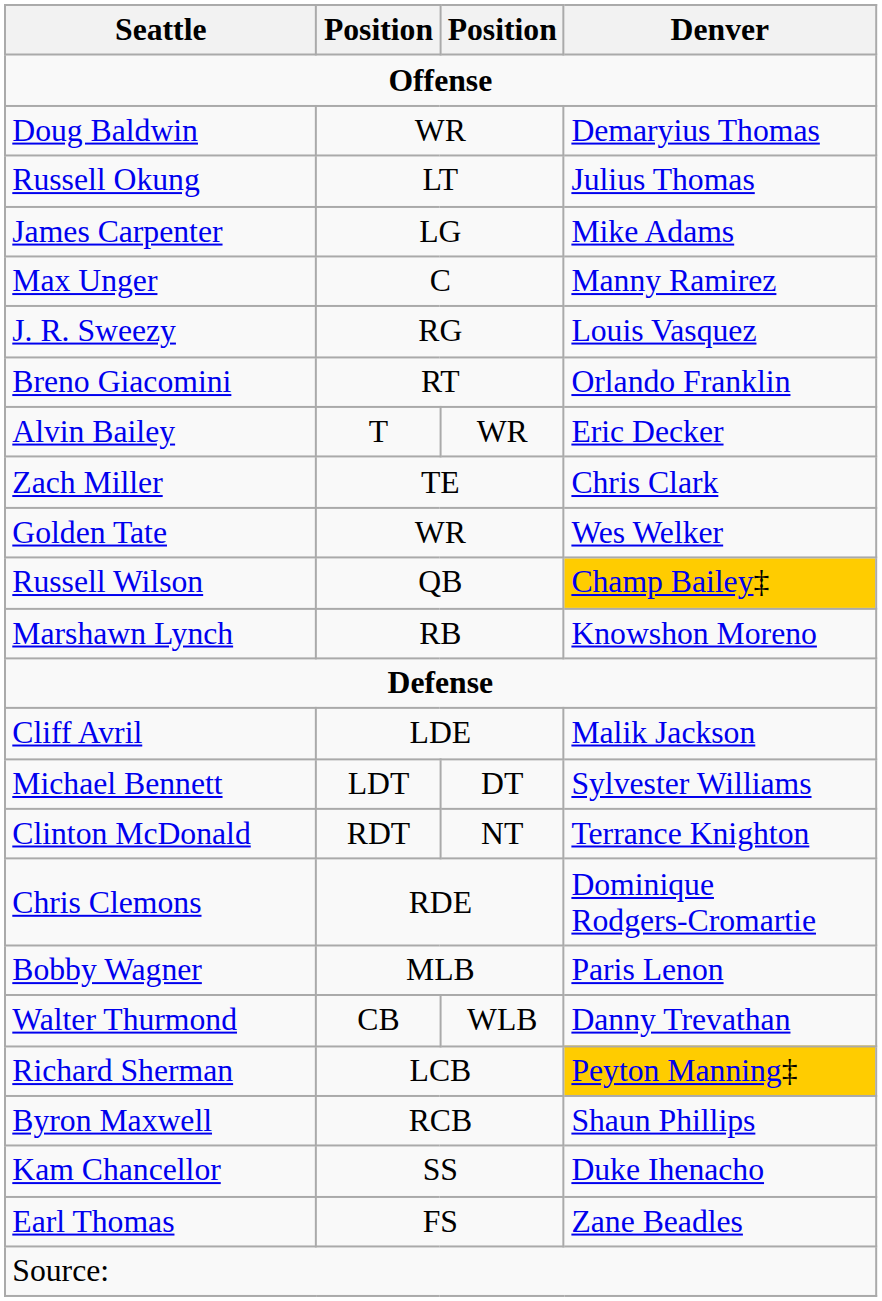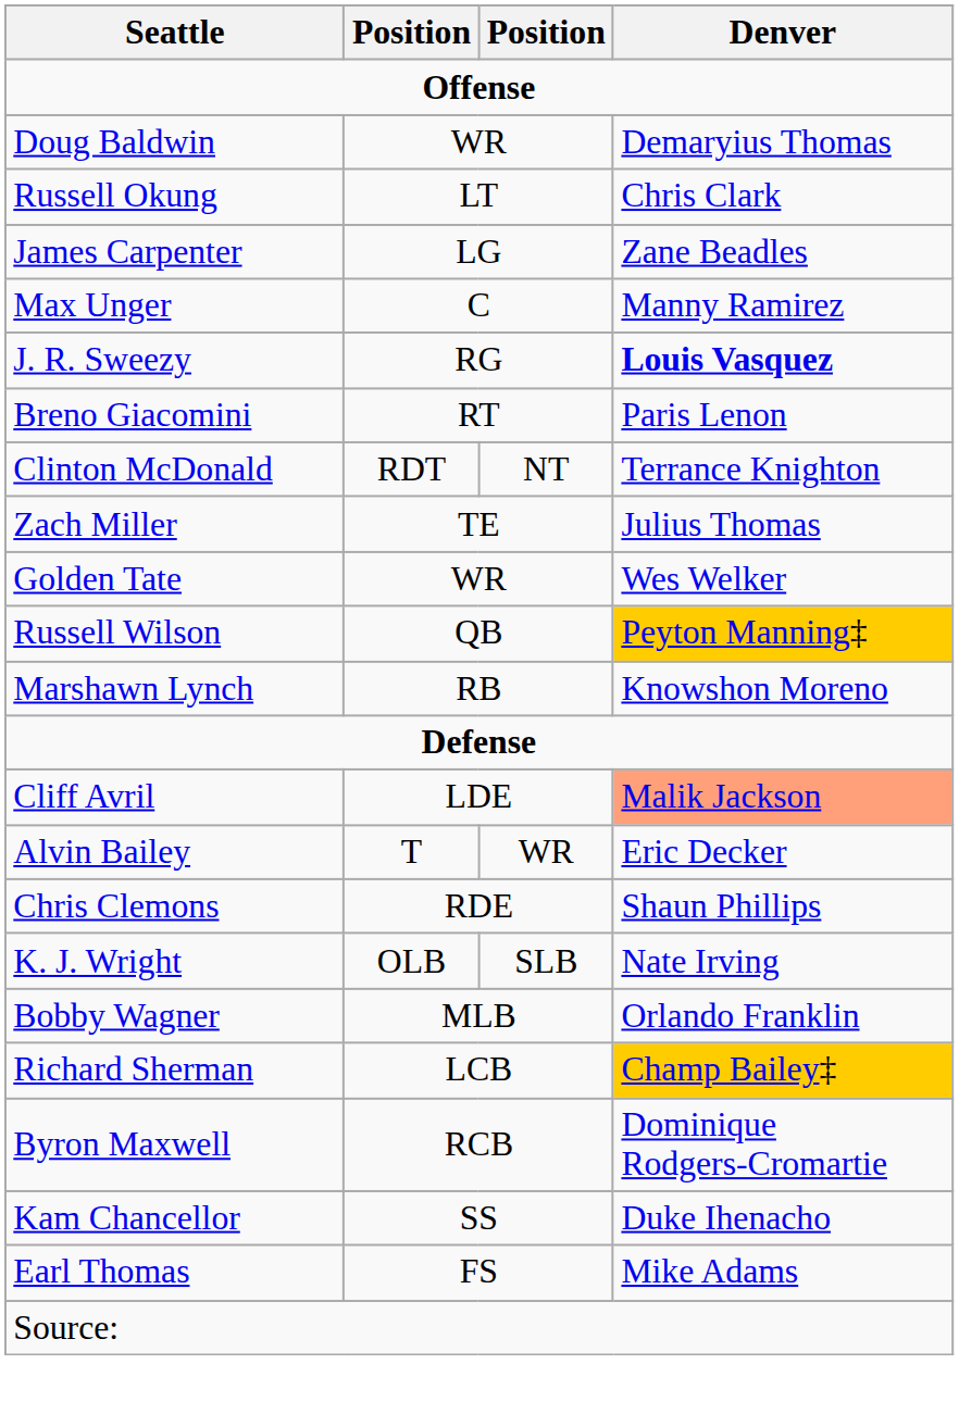 <table class="wikitable">
 <tr>
 <th style="width:150px">Seattle</th>
 <th>Position</th>
 <th>Position</th>
 <th style="width:150px">Denver</th>
 </tr>
 <tr>
 <td colspan="4" style="text-align:center"><strong>Offense</strong></td>
 </tr>
 <tr>
 <td><a href='#'>Doug Baldwin</a></td>
 <td colspan="2" style="text-align:center">WR</td>
 <td><a href='#'>Demaryius Thomas</a></td>
 </tr>
 <tr>
 <td><a href='#'>Russell Okung</a></td>
 <td colspan="2" style="text-align:center">LT</td>
-<td><a href='#'>Julius Thomas</a></td>
+<td><a href='#'>Chris Clark</a></td>
 </tr>
 <tr>
 <td><a href='#'>James Carpenter</a></td>
 <td colspan="2" style="text-align:center">LG</td>
-<td><a href='#'>Mike Adams</a></td>
+<td><a href='#'>Zane Beadles</a></td>
 </tr>
 <tr>
 <td><a href='#'>Max Unger</a></td>
 <td colspan="2" style="text-align:center">C</td>
 <td><a href='#'>Manny Ramirez</a></td>
 </tr>
 <tr>
 <td><a href='#'>J. R. Sweezy</a></td>
 <td colspan="2" style="text-align:center">RG</td>
-<td><a href='#'>Louis Vasquez</a></td>
+<td><strong><a href='#'>Louis Vasquez</a></strong></td>
 </tr>
 <tr>
 <td><a href='#'>Breno Giacomini</a></td>
 <td colspan="2" style="text-align:center">RT</td>
-<td><a href='#'>Orlando Franklin</a></td>
+<td><a href='#'>Paris Lenon</a></td>
 </tr>
 <tr>
-<td><a href='#'>Alvin Bailey</a></td>
-<td style="text-align:center">T</td>
-<td style="text-align:center">WR</td>
-<td><a href='#'>Eric Decker</a></td>
+<td><a href='#'>Clinton McDonald</a></td>
+<td style="text-align:center">RDT</td>
+<td style="text-align:center">NT</td>
+<td><a href='#'>Terrance Knighton</a></td>
 </tr>
 <tr>
 <td><a href='#'>Zach Miller</a></td>
 <td colspan="2" style="text-align:center">TE</td>
-<td><a href='#'>Chris Clark</a></td>
+<td><a href='#'>Julius Thomas</a></td>
 </tr>
 <tr>
 <td><a href='#'>Golden Tate</a></td>
 <td colspan="2" style="text-align:center">WR</td>
 <td><a href='#'>Wes Welker</a></td>
 </tr>
 <tr>
 <td><a href='#'>Russell Wilson</a></td>
 <td colspan="2" style="text-align:center">QB</td>
-<td bgcolor="#FFCC00"><a href='#'>Champ Bailey</a>‡</td>
+<td bgcolor="#FFCC00"><a href='#'>Peyton Manning</a>‡</td>
 </tr>
 <tr>
 <td><a href='#'>Marshawn Lynch</a></td>
 <td colspan="2" style="text-align:center">RB</td>
 <td><a href='#'>Knowshon Moreno</a></td>
 </tr>
 <tr>
 <td colspan="4" style="text-align:center"><strong>Defense</strong></td>
 </tr>
 <tr>
 <td><a href='#'>Cliff Avril</a></td>
 <td colspan="2" style="text-align:center">LDE</td>
-<td><a href='#'>Malik Jackson</a></td>
+<td style="background: lightsalmon;"><a href='#'>Malik Jackson</a></td>
 </tr>
 <tr>
-<td><a href='#'>Michael Bennett</a></td>
-<td style="text-align:center">LDT</td>
-<td style="text-align:center">DT</td>
-<td><a href='#'>Sylvester Williams</a></td>
-</tr>
-<tr>
-<td><a href='#'>Clinton McDonald</a></td>
-<td style="text-align:center">RDT</td>
-<td style="text-align:center">NT</td>
-<td><a href='#'>Terrance Knighton</a></td>
+<td><a href='#'>Alvin Bailey</a></td>
+<td style="text-align:center">T</td>
+<td style="text-align:center">WR</td>
+<td><a href='#'>Eric Decker</a></td>
 </tr>
 <tr>
 <td><a href='#'>Chris Clemons</a></td>
 <td colspan="2" style="text-align:center">RDE</td>
-<td><a href='#'>Dominique<br>Rodgers-Cromartie</a></td>
+<td><a href='#'>Shaun Phillips</a></td>
+</tr>
+<tr>
+<td><a href='#'>K. J. Wright</a></td>
+<td style="text-align:center">OLB</td>
+<td style="text-align:center">SLB</td>
+<td><a href='#'>Nate Irving</a></td>
 </tr>
 <tr>
 <td><a href='#'>Bobby Wagner</a></td>
 <td colspan="2" style="text-align:center">MLB</td>
-<td><a href='#'>Paris Lenon</a></td>
-</tr>
-<tr>
-<td><a href='#'>Walter Thurmond</a></td>
-<td style="text-align:center">CB</td>
-<td style="text-align:center">WLB</td>
-<td><a href='#'>Danny Trevathan</a></td>
+<td><a href='#'>Orlando Franklin</a></td>
 </tr>
 <tr>
 <td><a href='#'>Richard Sherman</a></td>
 <td colspan="2" style="text-align:center">LCB</td>
-<td bgcolor="#FFCC00"><a href='#'>Peyton Manning</a>‡</td>
+<td bgcolor="#FFCC00"><a href='#'>Champ Bailey</a>‡</td>
 </tr>
 <tr>
 <td><a href='#'>Byron Maxwell</a></td>
 <td colspan="2" style="text-align:center">RCB</td>
-<td><a href='#'>Shaun Phillips</a></td>
+<td><a href='#'>Dominique<br>Rodgers-Cromartie</a></td>
 </tr>
 <tr>
 <td><a href='#'>Kam Chancellor</a></td>
 <td colspan="2" style="text-align:center">SS</td>
 <td><a href='#'>Duke Ihenacho</a></td>
 </tr>
 <tr>
 <td><a href='#'>Earl Thomas</a></td>
 <td colspan="2" style="text-align:center">FS</td>
-<td><a href='#'>Zane Beadles</a></td>
+<td><a href='#'>Mike Adams</a></td>
 </tr>
 <tr>
 <td colspan="4">Source:</td>
 </tr>
 </table>
